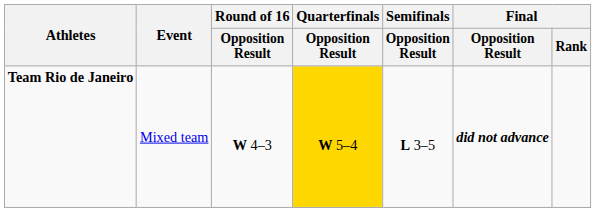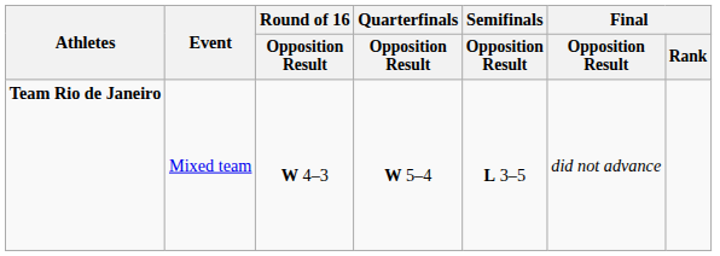 <table class="wikitable" style="text-align:center;font-size:90%">
 <tr>
 <th rowspan=2>Athletes</th>
 <th rowspan=2>Event</th>
 <th>Round of 16</th>
 <th>Quarterfinals</th>
 <th>Semifinals</th>
 <th colspan=2>Final</th>
 </tr>
 <tr style="font-size:95%">
 <th>Opposition<br>Result</th>
 <th>Opposition<br>Result</th>
 <th>Opposition<br>Result</th>
 <th>Opposition<br>Result</th>
 <th>Rank</th>
 </tr>
 <tr>
 <td align=left><strong>Team Rio de Janeiro</strong><br><br><br><br><br><br><br><br></td>
 <td rowspan=2 align=left><a href='#'>Mixed team</a></td>
 <td><br><strong>W</strong> 4–3</td>
-<td style="background: gold;"><br><strong>W</strong> 5–4</td>
+<td><br><strong>W</strong> 5–4</td>
 <td><br><strong>L</strong> 3–5</td>
-<td><strong><em>did not advance</em></strong></td>
+<td><em>did not advance</em></td>
 <td></td>
 </tr>
 </table>
